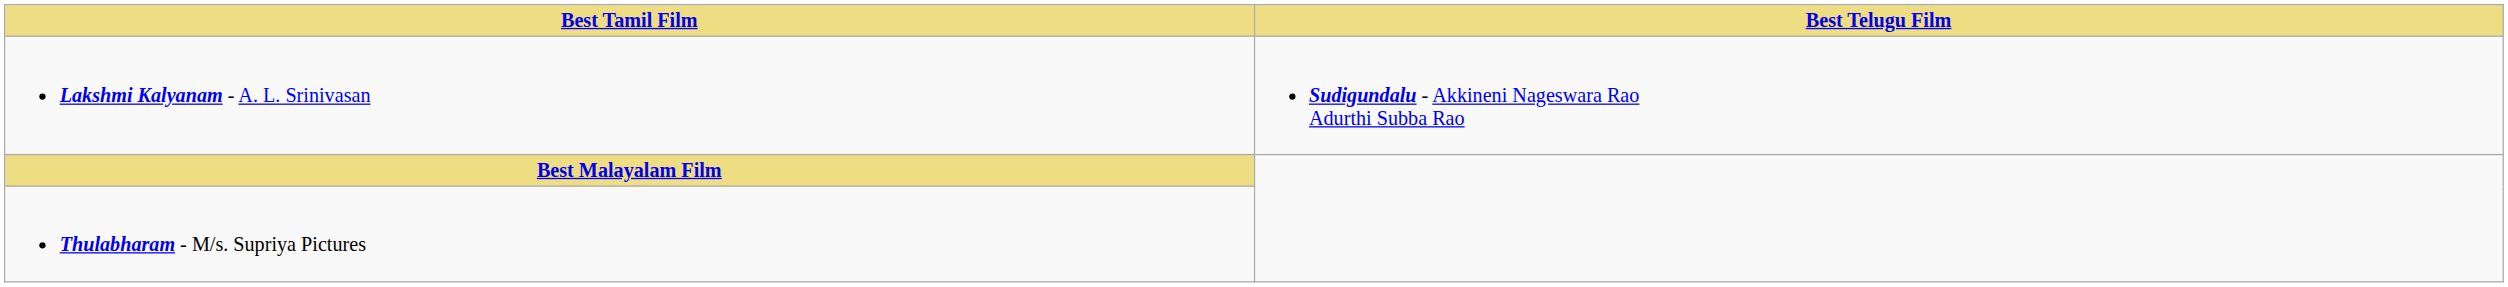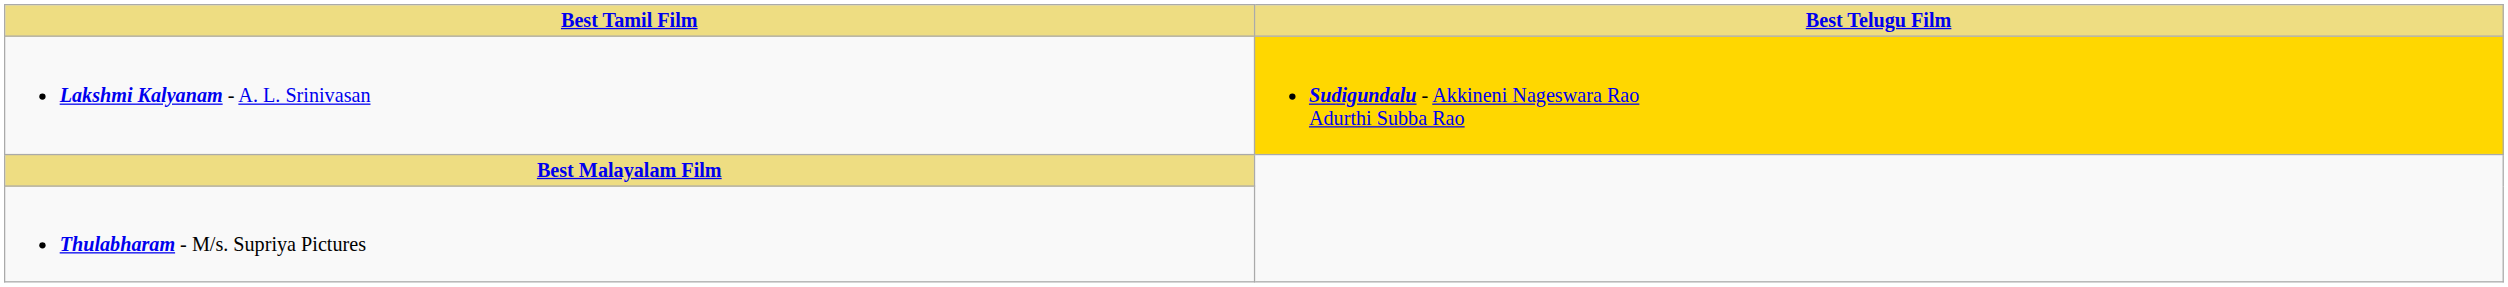 <table class="wikitable" width=100% |>
 <tr>
 <th !  style="background:#eedd82; text-align:center; width:50%;"><a href='#'>Best Tamil Film</a></th>
 <th !  style="background:#eedd82; text-align:center; width:50%;"><a href='#'>Best Telugu Film</a></th>
 </tr>
 <tr>
 <td valign="top"><br><ul><li><strong><em><a href='#'>Lakshmi Kalyanam</a></em></strong> - <a href='#'>A. L. Srinivasan</a></li></ul></td>
-<td valign="top"><br><ul><li><strong><em><a href='#'>Sudigundalu</a></em></strong> - <a href='#'>Akkineni Nageswara Rao</a> <br> <a href='#'>Adurthi Subba Rao</a></li></ul></td>
+<td valign="top" style="background: gold;"><br><ul><li><strong><em><a href='#'>Sudigundalu</a></em></strong> - <a href='#'>Akkineni Nageswara Rao</a> <br> <a href='#'>Adurthi Subba Rao</a></li></ul></td>
 </tr>
 <tr>
 <th !  style="background:#eedd82; text-align:center; width:50%;"><a href='#'>Best Malayalam Film</a></th>
 </tr>
 <tr>
 <td valign="top"><br><ul><li><strong><em><a href='#'>Thulabharam</a></em></strong> - M/s. Supriya Pictures</li></ul></td>
 </tr>
 </table>
